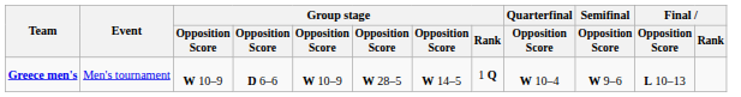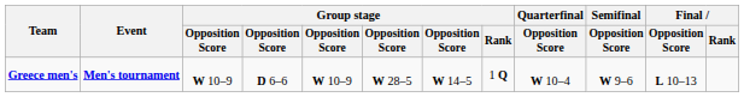 <table class=wikitable style=font-size:90%;text-align:center>
 <tr>
 <th rowspan=2>Team</th>
 <th rowspan=2>Event</th>
 <th colspan=6>Group stage</th>
 <th>Quarterfinal</th>
 <th>Semifinal</th>
 <th colspan=2>Final / </th>
 </tr>
 <tr style=font-size:95%>
 <th>Opposition<br>Score</th>
 <th>Opposition<br>Score</th>
 <th>Opposition<br>Score</th>
 <th>Opposition<br>Score</th>
 <th>Opposition<br>Score</th>
 <th>Rank</th>
 <th>Opposition<br>Score</th>
 <th>Opposition<br>Score</th>
 <th>Opposition<br>Score</th>
 <th>Rank</th>
 </tr>
 <tr>
 <td align=left><strong><a href='#'>Greece men's</a></strong></td>
-<td align=left><a href='#'>Men's tournament</a></td>
+<td align=left><strong><a href='#'>Men's tournament</a></strong></td>
 <td><br><strong>W</strong> 10–9</td>
 <td><br><strong>D</strong> 6–6</td>
 <td><br><strong>W</strong> 10–9</td>
 <td><br><strong>W</strong> 28–5</td>
 <td><br><strong>W</strong> 14–5</td>
 <td>1 <strong>Q</strong></td>
 <td><br><strong>W</strong> 10–4</td>
 <td><br><strong>W</strong> 9–6</td>
 <td><br><strong>L</strong> 10–13</td>
 <td></td>
 </tr>
 </table>
